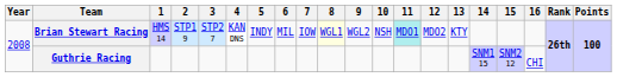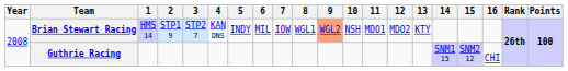 <table class="wikitable" style="text-align:center; font-size:95%">
 <tr>
 <th>Year</th>
 <th>Team</th>
 <th>1</th>
 <th>2</th>
 <th>3</th>
 <th>4</th>
 <th>5</th>
 <th>6</th>
 <th>7</th>
 <th>8</th>
 <th>9</th>
 <th>10</th>
 <th>11</th>
 <th>12</th>
 <th>13</th>
 <th>14</th>
 <th>15</th>
 <th>16</th>
 <th>Rank</th>
 <th>Points</th>
 </tr>
 <tr>
 <td rowspan=2><a href='#'>2008</a></td>
 <th><a href='#'>Brian Stewart Racing</a></th>
 <td style="background:#CFCFFF;"><a href='#'>HMS</a> <br><small>14</small></td>
 <td style="background:#CFEAFF;"><a href='#'>STP1</a><br><small>9</small></td>
 <td style="background:#CFEAFF;"><a href='#'>STP2</a><br><small>7</small></td>
 <td style="background:#FFFFFF;"><a href='#'>KAN</a><br><small>DNS</small></td>
 <td><a href='#'>INDY</a></td>
 <td><a href='#'>MIL</a></td>
 <td><a href='#'>IOW</a></td>
-<td style="background: lightyellow;"><a href='#'>WGL1</a></td>
-<td><a href='#'>WGL2</a></td>
+<td><a href='#'>WGL1</a></td>
+<td style="background: lightsalmon;"><a href='#'>WGL2</a></td>
 <td><a href='#'>NSH</a></td>
-<td style="background: paleturquoise;"><a href='#'>MDO1</a></td>
+<td><a href='#'>MDO1</a></td>
 <td><a href='#'>MDO2</a></td>
 <td><a href='#'>KTY</a></td>
 <td></td>
 <td></td>
 <td></td>
 <td rowspan=2 style="background:#CFCFFF;"><strong>26th</strong></td>
 <td rowspan=2 style="background:#CFCFFF;"><strong>100</strong></td>
 </tr>
 <tr>
 <th><a href='#'>Guthrie Racing</a></th>
 <td></td>
 <td></td>
 <td></td>
 <td></td>
 <td></td>
 <td></td>
 <td></td>
 <td></td>
 <td></td>
 <td></td>
 <td></td>
 <td></td>
 <td></td>
 <td style="background:#CFCFFF;"><a href='#'>SNM1</a><br><small>15</small></td>
 <td style="background:#CFCFFF;"><a href='#'>SNM2</a><br><small>12</small></td>
 <td><br><a href='#'>CHI</a></td>
 </tr>
 </table>
